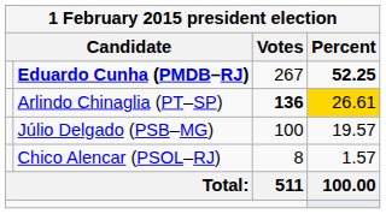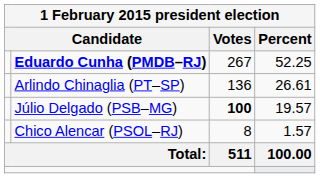 <table class="wikitable">
 <tr>
 <th colspan=5 style="background:#F5F5F5">1 February 2015 president election</th>
 </tr>
 <tr>
 <th colspan=2>Candidate</th>
 <th>Votes</th>
 <th>Percent</th>
 </tr>
 <tr>
 <td style="background-color:"></td>
 <td><strong><a href='#'>Eduardo Cunha</a> (<a href='#'>PMDB</a>–<a href='#'>RJ</a>)</strong> </td>
 <td style="text-align:right">267</td>
-<td style="text-align:right"><strong>52.25</strong></td>
+<td style="text-align:right">52.25</td>
 </tr>
 <tr>
 <td style="background-color:"></td>
 <td><a href='#'>Arlindo Chinaglia</a> (<a href='#'>PT</a>–<a href='#'>SP</a>)</td>
-<td style="text-align:right"><strong>136</strong></td>
-<td style="background: gold; text-align:right">26.61</td>
+<td style="text-align:right">136</td>
+<td style="text-align:right">26.61</td>
 </tr>
 <tr>
 <td style="background-color:"></td>
 <td><a href='#'>Júlio Delgado</a> (<a href='#'>PSB</a>–<a href='#'>MG</a>)</td>
-<td style="text-align:right">100</td>
+<td style="text-align:right"><strong>100</strong></td>
 <td style="text-align:right">19.57</td>
 </tr>
 <tr>
 <td style="background-color:"></td>
 <td><a href='#'>Chico Alencar</a> (<a href='#'>PSOL</a>–<a href='#'>RJ</a>)</td>
 <td style="text-align:right">8</td>
 <td style="text-align:right">1.57</td>
 </tr>
 <tr>
 <th colspan=2 style="text-align:right">Total:</th>
 <th style="text-align:right">511</th>
 <th style="text-align:right">100.00</th>
 </tr>
 <tr>
 <td colspan=3></td>
 <td style="background:#EBECF0" rowspan=2></td>
 </tr>
 </table>
